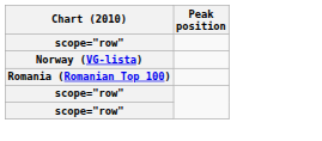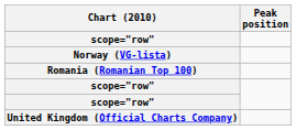 <table class="wikitable plainrowheaders sortable" style="text-align:center;">
 <tr>
 <th scope="col">Chart (2010)</th>
 <th scope="col">Peak<br>position</th>
 </tr>
 <tr>
 <th>scope="row"</th>
 </tr>
 <tr>
 <th scope="row">Norway (<a href='#'>VG-lista</a>)</th>
 <td></td>
 </tr>
 <tr>
 <th scope="row">Romania (<a href='#'>Romanian Top 100</a>)</th>
 <td></td>
 </tr>
 <tr>
 <th>scope="row" </th>
 </tr>
 <tr>
 <th>scope="row" </th>
 </tr>
+<tr>
+<th scope="row">United Kingdom (<a href='#'>Official Charts Company</a>)</th>
+<td></td>
+</tr>
 </table>
